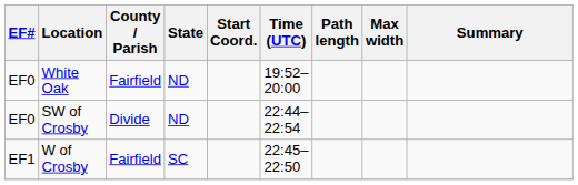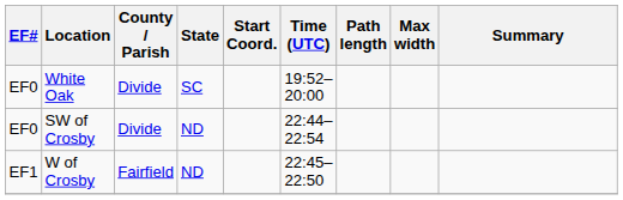 <table class="wikitable sortable" style="width:100%;">
 <tr>
 <th scope="col"  style="width:3%; text-align:center;"><a href='#'>EF#</a></th>
 <th scope="col"  style="width:7%; text-align:center;" class="unsortable">Location</th>
 <th scope="col"  style="width:6%; text-align:center;" class="unsortable">County / Parish</th>
 <th scope="col"  style="width:5%; text-align:center;">State</th>
 <th scope="col"  style="width:6%; text-align:center;">Start Coord.</th>
 <th scope="col"  style="width:6%; text-align:center;">Time (<a href='#'>UTC</a>)</th>
 <th scope="col"  style="width:6%; text-align:center;">Path length</th>
 <th scope="col"  style="width:6%; text-align:center;">Max width</th>
 <th scope="col" class="unsortable" style="width:48%; text-align:center;">Summary</th>
 </tr>
 <tr>
 <td>EF0</td>
 <td><a href='#'>White Oak</a></td>
-<td><a href='#'>Fairfield</a></td>
-<td><a href='#'>ND</a></td>
+<td><a href='#'>Divide</a></td>
+<td><a href='#'>SC</a></td>
 <td></td>
 <td>19:52–20:00</td>
 <td></td>
 <td></td>
 <td></td>
 </tr>
 <tr>
 <td>EF0</td>
 <td>SW of <a href='#'>Crosby</a></td>
 <td><a href='#'>Divide</a></td>
 <td><a href='#'>ND</a></td>
 <td></td>
 <td>22:44–22:54</td>
 <td></td>
 <td></td>
 <td></td>
 </tr>
 <tr>
 <td>EF1</td>
 <td>W of <a href='#'>Crosby</a></td>
 <td><a href='#'>Fairfield</a></td>
-<td><a href='#'>SC</a></td>
+<td><a href='#'>ND</a></td>
 <td></td>
 <td>22:45–22:50</td>
 <td></td>
 <td></td>
 <td></td>
 </tr>
 <tr>
 </tr>
 </table>
